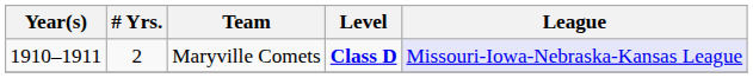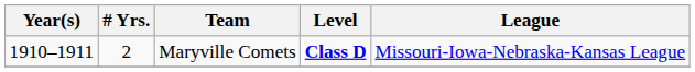 <table class="wikitable" style="text-align:center; font-size: 95%;">
 <tr>
 <th>Year(s)</th>
 <th># Yrs.</th>
 <th>Team</th>
 <th>Level</th>
 <th>League</th>
 </tr>
 <tr>
 <td>1910–1911</td>
 <td>2</td>
 <td>Maryville Comets</td>
 <td><strong><a href='#'>Class D</a></strong></td>
-<td style="background: lavender;"><a href='#'>Missouri-Iowa-Nebraska-Kansas League</a></td>
+<td><a href='#'>Missouri-Iowa-Nebraska-Kansas League</a></td>
 </tr>
 <tr>
 </tr>
 </table>
